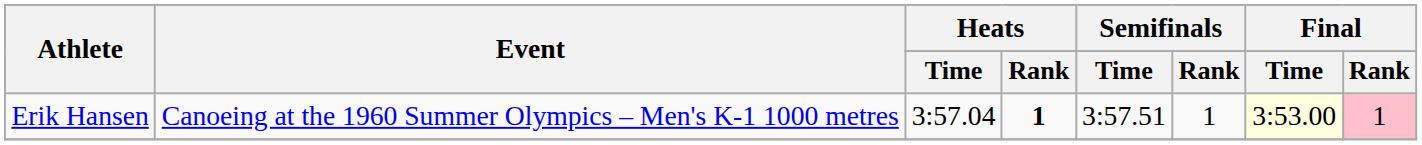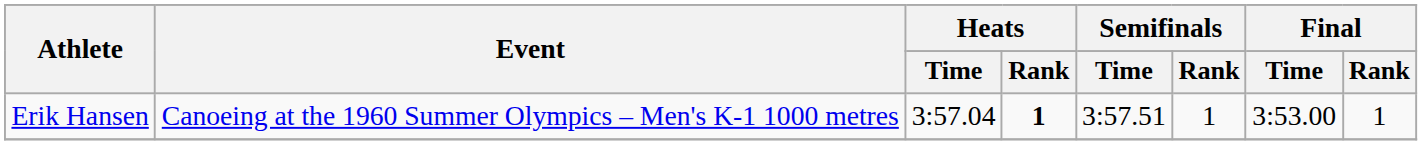 <table class=wikitable style="font-size:90%">
 <tr>
 <th rowspan="2">Athlete</th>
 <th rowspan="2">Event</th>
 <th colspan=2>Heats</th>
 <th colspan=2>Semifinals</th>
 <th colspan=2>Final</th>
 </tr>
 <tr style="font-size:95%">
 <th>Time</th>
 <th>Rank</th>
 <th>Time</th>
 <th>Rank</th>
 <th>Time</th>
 <th>Rank</th>
 </tr>
 <tr align=center>
 <td align=left><a href='#'>Erik Hansen</a></td>
 <td align=left><a href='#'>Canoeing at the 1960 Summer Olympics – Men's K-1 1000 metres</a></td>
 <td>3:57.04</td>
 <td><strong>1</strong></td>
 <td>3:57.51</td>
 <td>1</td>
-<td style="background: lightyellow;">3:53.00</td>
-<td style="background: pink;">1</td>
+<td>3:53.00</td>
+<td>1</td>
 </tr>
 <tr align=center>
 </tr>
 </table>
